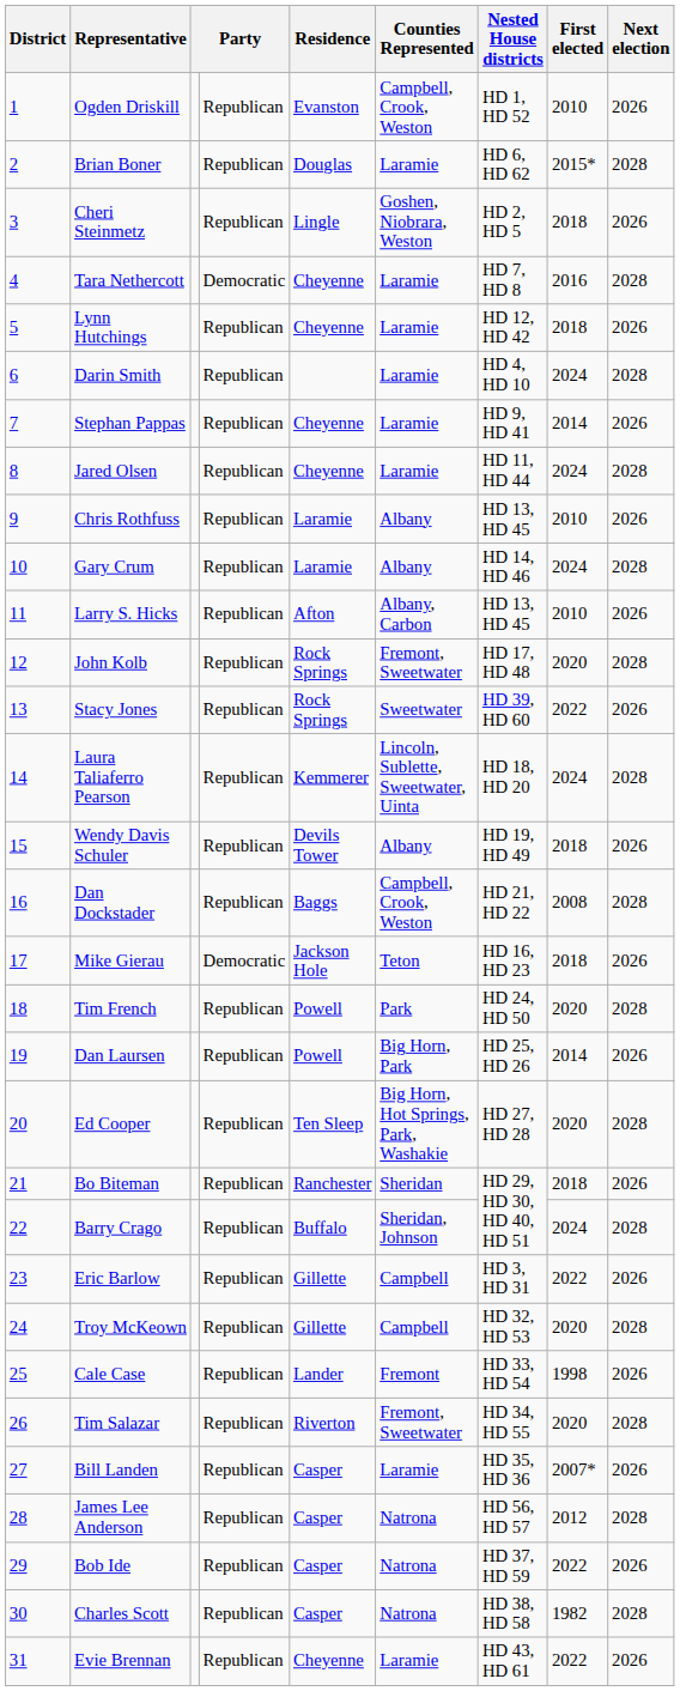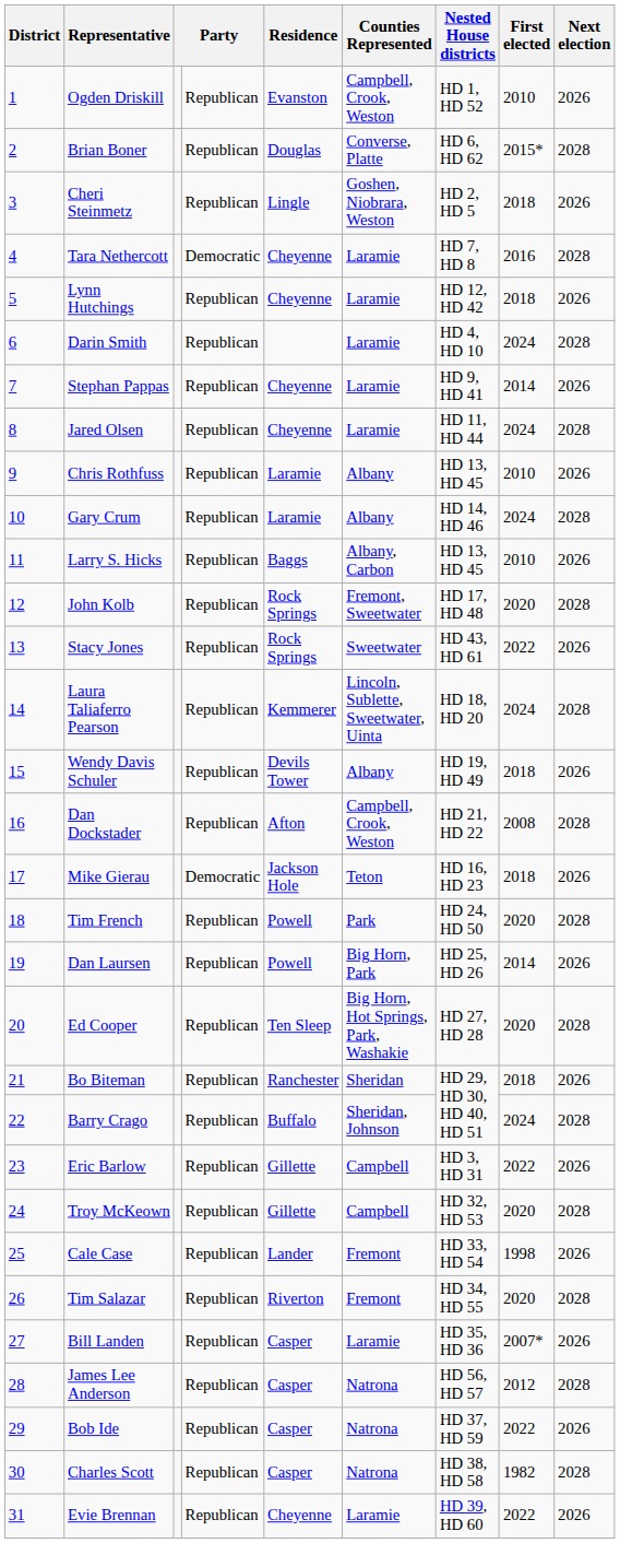 <table class="wikitable sortable">
 <tr>
 <th>District</th>
 <th>Representative</th>
 <th colspan = 2>Party</th>
 <th>Residence</th>
 <th>Counties Represented</th>
 <th><a href='#'>Nested House districts</a></th>
 <th>First elected</th>
 <th>Next election</th>
 </tr>
 <tr>
 <td><a href='#'>1</a></td>
 <td><a href='#'>Ogden Driskill</a></td>
 <td style="background:"></td>
 <td>Republican</td>
 <td><a href='#'>Evanston</a></td>
 <td><a href='#'>Campbell</a>, <a href='#'>Crook</a>, <a href='#'>Weston</a></td>
 <td>HD 1, HD 52</td>
 <td>2010</td>
 <td>2026</td>
 </tr>
 <tr>
 <td><a href='#'>2</a></td>
 <td><a href='#'>Brian Boner</a></td>
 <td style="background:"></td>
 <td>Republican</td>
 <td><a href='#'>Douglas</a></td>
-<td><a href='#'>Laramie</a></td>
+<td><a href='#'>Converse</a>, <a href='#'>Platte</a></td>
 <td>HD 6, HD 62</td>
 <td>2015*</td>
 <td>2028</td>
 </tr>
 <tr>
 <td><a href='#'>3</a></td>
 <td><a href='#'>Cheri Steinmetz</a></td>
 <td style="background:"></td>
 <td>Republican</td>
 <td><a href='#'>Lingle</a></td>
 <td><a href='#'>Goshen</a>, <a href='#'>Niobrara</a>, <a href='#'>Weston</a></td>
 <td>HD 2, HD 5</td>
 <td>2018</td>
 <td>2026</td>
 </tr>
 <tr>
 <td><a href='#'>4</a></td>
 <td><a href='#'>Tara Nethercott</a></td>
 <td style="background:"></td>
 <td>Democratic</td>
 <td><a href='#'>Cheyenne</a></td>
 <td><a href='#'>Laramie</a></td>
 <td>HD 7, HD 8</td>
 <td>2016</td>
 <td>2028</td>
 </tr>
 <tr>
 <td><a href='#'>5</a></td>
 <td><a href='#'>Lynn Hutchings</a></td>
 <td style="background:"></td>
 <td>Republican</td>
 <td><a href='#'>Cheyenne</a></td>
 <td><a href='#'>Laramie</a></td>
 <td>HD 12, HD 42</td>
 <td>2018</td>
 <td>2026</td>
 </tr>
 <tr>
 <td><a href='#'>6</a></td>
 <td><a href='#'>Darin Smith</a></td>
 <td style="background:"></td>
 <td>Republican</td>
 <td></td>
 <td><a href='#'>Laramie</a></td>
 <td>HD 4, HD 10</td>
 <td>2024</td>
 <td>2028</td>
 </tr>
 <tr>
 <td><a href='#'>7</a></td>
 <td><a href='#'>Stephan Pappas</a></td>
 <td style="background:"></td>
 <td>Republican</td>
 <td><a href='#'>Cheyenne</a></td>
 <td><a href='#'>Laramie</a></td>
 <td>HD 9, HD 41</td>
 <td>2014</td>
 <td>2026</td>
 </tr>
 <tr>
 <td><a href='#'>8</a></td>
 <td><a href='#'>Jared Olsen</a></td>
 <td style="background:"></td>
 <td>Republican</td>
 <td><a href='#'>Cheyenne</a></td>
 <td><a href='#'>Laramie</a></td>
 <td>HD 11, HD 44</td>
 <td>2024</td>
 <td>2028</td>
 </tr>
 <tr>
 <td><a href='#'>9</a></td>
 <td><a href='#'>Chris Rothfuss</a></td>
 <td style="background:"></td>
 <td>Republican</td>
 <td><a href='#'>Laramie</a></td>
 <td><a href='#'>Albany</a></td>
 <td>HD 13, HD 45</td>
 <td>2010</td>
 <td>2026</td>
 </tr>
 <tr>
 <td><a href='#'>10</a></td>
 <td><a href='#'>Gary Crum</a></td>
 <td style="background:"></td>
 <td>Republican</td>
 <td><a href='#'>Laramie</a></td>
 <td><a href='#'>Albany</a></td>
 <td>HD 14, HD 46</td>
 <td>2024</td>
 <td>2028</td>
 </tr>
 <tr>
 <td><a href='#'>11</a></td>
 <td><a href='#'>Larry S. Hicks</a></td>
 <td style="background:"></td>
 <td>Republican</td>
-<td><a href='#'>Afton</a></td>
+<td><a href='#'>Baggs</a></td>
 <td><a href='#'>Albany</a>, <a href='#'>Carbon</a></td>
 <td>HD 13, HD 45</td>
 <td>2010</td>
 <td>2026</td>
 </tr>
 <tr>
 <td><a href='#'>12</a></td>
 <td><a href='#'>John Kolb</a></td>
 <td style="background:"></td>
 <td>Republican</td>
 <td><a href='#'>Rock Springs</a></td>
 <td><a href='#'>Fremont</a>, <a href='#'>Sweetwater</a></td>
 <td>HD 17, HD 48</td>
 <td>2020</td>
 <td>2028</td>
 </tr>
 <tr>
 <td><a href='#'>13</a></td>
 <td><a href='#'>Stacy Jones</a></td>
 <td style="background:"></td>
 <td>Republican</td>
 <td><a href='#'>Rock Springs</a></td>
 <td><a href='#'>Sweetwater</a></td>
-<td><a href='#'>HD 39</a>, HD 60</td>
+<td>HD 43, HD 61</td>
 <td>2022</td>
 <td>2026</td>
 </tr>
 <tr>
 <td><a href='#'>14</a></td>
 <td><a href='#'>Laura Taliaferro Pearson</a></td>
 <td style="background:"></td>
 <td>Republican</td>
 <td><a href='#'>Kemmerer</a></td>
 <td><a href='#'>Lincoln</a>, <a href='#'>Sublette</a>, <a href='#'>Sweetwater</a>, <a href='#'>Uinta</a></td>
 <td>HD 18, HD 20</td>
 <td>2024</td>
 <td>2028</td>
 </tr>
 <tr>
 <td><a href='#'>15</a></td>
 <td><a href='#'>Wendy Davis Schuler</a></td>
 <td style="background:"></td>
 <td>Republican</td>
 <td><a href='#'>Devils Tower</a></td>
 <td><a href='#'>Albany</a></td>
 <td>HD 19, HD 49</td>
 <td>2018</td>
 <td>2026</td>
 </tr>
 <tr>
 <td><a href='#'>16</a></td>
 <td><a href='#'>Dan Dockstader</a></td>
 <td style="background:"></td>
 <td>Republican</td>
-<td><a href='#'>Baggs</a></td>
+<td><a href='#'>Afton</a></td>
 <td><a href='#'>Campbell</a>, <a href='#'>Crook</a>, <a href='#'>Weston</a></td>
 <td>HD 21, HD 22</td>
 <td>2008</td>
 <td>2028</td>
 </tr>
 <tr>
 <td><a href='#'>17</a></td>
 <td><a href='#'>Mike Gierau</a></td>
 <td style="background:"></td>
 <td>Democratic</td>
 <td><a href='#'>Jackson Hole</a></td>
 <td><a href='#'>Teton</a></td>
 <td>HD 16, HD 23</td>
 <td>2018</td>
 <td>2026</td>
 </tr>
 <tr>
 <td><a href='#'>18</a></td>
 <td><a href='#'>Tim French</a></td>
 <td style="background:"></td>
 <td>Republican</td>
 <td><a href='#'>Powell</a></td>
 <td><a href='#'>Park</a></td>
 <td>HD 24, HD 50</td>
 <td>2020</td>
 <td>2028</td>
 </tr>
 <tr>
 <td><a href='#'>19</a></td>
 <td><a href='#'>Dan Laursen</a></td>
 <td style="background:"></td>
 <td>Republican</td>
 <td><a href='#'>Powell</a></td>
 <td><a href='#'>Big Horn</a>, <a href='#'>Park</a></td>
 <td>HD 25, HD 26</td>
 <td>2014</td>
 <td>2026</td>
 </tr>
 <tr>
 <td><a href='#'>20</a></td>
 <td><a href='#'>Ed Cooper</a></td>
 <td style="background:"></td>
 <td>Republican</td>
 <td><a href='#'>Ten Sleep</a></td>
 <td><a href='#'>Big Horn</a>, <a href='#'>Hot Springs</a>, <a href='#'>Park</a>, <a href='#'>Washakie</a></td>
 <td>HD 27, HD 28</td>
 <td>2020</td>
 <td>2028</td>
 </tr>
 <tr>
 <td><a href='#'>21</a></td>
 <td><a href='#'>Bo Biteman</a></td>
 <td style="background:"></td>
 <td>Republican</td>
 <td><a href='#'>Ranchester</a></td>
 <td><a href='#'>Sheridan</a></td>
 <td rowspan=2>HD 29, HD 30, HD 40, HD 51</td>
 <td>2018</td>
 <td>2026</td>
 </tr>
 <tr>
 <td><a href='#'>22</a></td>
 <td><a href='#'>Barry Crago</a></td>
 <td style="background:"></td>
 <td>Republican</td>
 <td><a href='#'>Buffalo</a></td>
 <td><a href='#'>Sheridan</a>, <a href='#'>Johnson</a></td>
 <td>2024</td>
 <td>2028</td>
 </tr>
 <tr>
 <td><a href='#'>23</a></td>
 <td><a href='#'>Eric Barlow</a></td>
 <td style="background:"></td>
 <td>Republican</td>
 <td><a href='#'>Gillette</a></td>
 <td><a href='#'>Campbell</a></td>
 <td>HD 3, HD 31</td>
 <td>2022</td>
 <td>2026</td>
 </tr>
 <tr>
 <td><a href='#'>24</a></td>
 <td><a href='#'>Troy McKeown</a></td>
 <td style="background:"></td>
 <td>Republican</td>
 <td><a href='#'>Gillette</a></td>
 <td><a href='#'>Campbell</a></td>
 <td>HD 32, HD 53</td>
 <td>2020</td>
 <td>2028</td>
 </tr>
 <tr>
 <td><a href='#'>25</a></td>
 <td><a href='#'>Cale Case</a></td>
 <td style="background:"></td>
 <td>Republican</td>
 <td><a href='#'>Lander</a></td>
 <td><a href='#'>Fremont</a></td>
 <td>HD 33, HD 54</td>
 <td>1998</td>
 <td>2026</td>
 </tr>
 <tr>
 <td><a href='#'>26</a></td>
 <td><a href='#'>Tim Salazar</a></td>
 <td style="background:"></td>
 <td>Republican</td>
 <td><a href='#'>Riverton</a></td>
-<td><a href='#'>Fremont</a>, <a href='#'>Sweetwater</a></td>
+<td><a href='#'>Fremont</a></td>
 <td>HD 34, HD 55</td>
 <td>2020</td>
 <td>2028</td>
 </tr>
 <tr>
 <td><a href='#'>27</a></td>
 <td><a href='#'>Bill Landen</a></td>
 <td style="background:"></td>
 <td>Republican</td>
 <td><a href='#'>Casper</a></td>
 <td><a href='#'>Laramie</a></td>
 <td>HD 35, HD 36</td>
 <td>2007*</td>
 <td>2026</td>
 </tr>
 <tr>
 <td><a href='#'>28</a></td>
 <td><a href='#'>James Lee Anderson</a></td>
 <td style="background:"></td>
 <td>Republican</td>
 <td><a href='#'>Casper</a></td>
 <td><a href='#'>Natrona</a></td>
 <td>HD 56, HD 57</td>
 <td>2012</td>
 <td>2028</td>
 </tr>
 <tr>
 <td><a href='#'>29</a></td>
 <td><a href='#'>Bob Ide</a></td>
 <td style="background:"></td>
 <td>Republican</td>
 <td><a href='#'>Casper</a></td>
 <td><a href='#'>Natrona</a></td>
 <td>HD 37, HD 59</td>
 <td>2022</td>
 <td>2026</td>
 </tr>
 <tr>
 <td><a href='#'>30</a></td>
 <td><a href='#'>Charles Scott</a></td>
 <td style="background:"></td>
 <td>Republican</td>
 <td><a href='#'>Casper</a></td>
 <td><a href='#'>Natrona</a></td>
 <td>HD 38, HD 58</td>
 <td>1982</td>
 <td>2028</td>
 </tr>
 <tr>
 <td><a href='#'>31</a></td>
 <td><a href='#'>Evie Brennan</a></td>
 <td style="background:"></td>
 <td>Republican</td>
 <td><a href='#'>Cheyenne</a></td>
 <td><a href='#'>Laramie</a></td>
-<td>HD 43, HD 61</td>
+<td><a href='#'>HD 39</a>, HD 60</td>
 <td>2022</td>
 <td>2026</td>
 </tr>
 </table>
